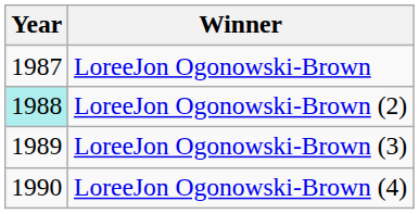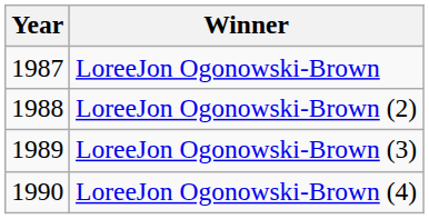 <table class="wikitable sortable">
 <tr>
 <th>Year</th>
 <th>Winner</th>
 </tr>
 <tr>
 <td>1987</td>
 <td> <a href='#'>LoreeJon Ogonowski-Brown</a></td>
 </tr>
 <tr>
-<td style="background: paleturquoise;">1988</td>
+<td>1988</td>
 <td> <a href='#'>LoreeJon Ogonowski-Brown</a> (2)</td>
 </tr>
 <tr>
 <td>1989</td>
 <td> <a href='#'>LoreeJon Ogonowski-Brown</a> (3)</td>
 </tr>
 <tr>
 <td>1990</td>
 <td> <a href='#'>LoreeJon Ogonowski-Brown</a> (4)</td>
 </tr>
 </table>
